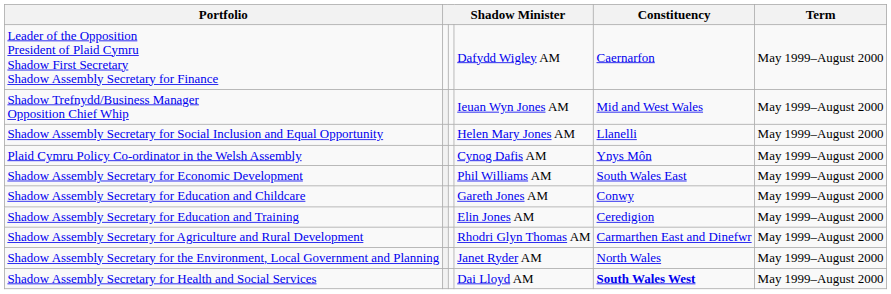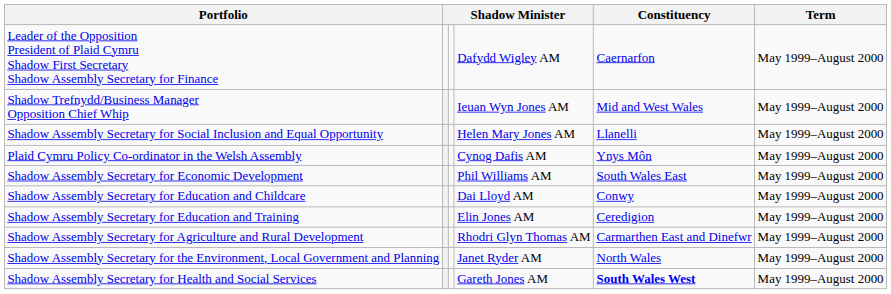 <table class="wikitable">
 <tr>
 <th colspan="1">Portfolio</th>
 <th colspan="3">Shadow Minister</th>
 <th colspan="1">Constituency</th>
 <th colspan="1">Term</th>
 </tr>
 <tr>
 <td><a href='#'>Leader of the Opposition</a><br><a href='#'>President of Plaid Cymru</a><br><a href='#'>Shadow First Secretary</a><br><a href='#'>Shadow Assembly Secretary for Finance</a></td>
 <td style="background: "></td>
 <td></td>
 <td><a href='#'>Dafydd Wigley</a> AM</td>
 <td><a href='#'>Caernarfon</a></td>
 <td>May 1999–August 2000</td>
 </tr>
 <tr>
 <td><a href='#'>Shadow Trefnydd/Business Manager</a><br><a href='#'>Opposition Chief Whip</a></td>
 <th style="background: "></th>
 <td></td>
 <td><a href='#'>Ieuan Wyn Jones</a> AM</td>
 <td><a href='#'>Mid and West Wales</a></td>
 <td>May 1999–August 2000</td>
 </tr>
 <tr>
 <td><a href='#'>Shadow Assembly Secretary for Social Inclusion and Equal Opportunity</a></td>
 <th style="background-color: "></th>
 <td></td>
 <td><a href='#'>Helen Mary Jones</a> AM</td>
 <td><a href='#'>Llanelli</a></td>
 <td>May 1999–August 2000</td>
 </tr>
 <tr>
 <td><a href='#'>Plaid Cymru Policy Co-ordinator in the Welsh Assembly</a></td>
 <th style="background-color: "></th>
 <td></td>
 <td><a href='#'>Cynog Dafis</a> AM</td>
 <td><a href='#'>Ynys Môn</a></td>
 <td>May 1999–August 2000</td>
 </tr>
 <tr>
 <td><a href='#'>Shadow Assembly Secretary for Economic Development</a></td>
 <th style="background-color: "></th>
 <td></td>
 <td><a href='#'>Phil Williams</a> AM</td>
 <td><a href='#'>South Wales East</a></td>
 <td>May 1999–August 2000</td>
 </tr>
 <tr>
 <td><a href='#'>Shadow Assembly Secretary for Education and Childcare</a></td>
 <th style="background-color: "></th>
 <td></td>
-<td><a href='#'>Gareth Jones</a> AM</td>
+<td><a href='#'>Dai Lloyd</a> AM</td>
 <td><a href='#'>Conwy</a></td>
 <td>May 1999–August 2000</td>
 </tr>
 <tr>
 <td><a href='#'>Shadow Assembly Secretary for Education and Training</a></td>
 <th style="background-color: "></th>
 <td></td>
 <td><a href='#'>Elin Jones</a> AM</td>
 <td><a href='#'>Ceredigion</a></td>
 <td>May 1999–August 2000</td>
 </tr>
 <tr>
 <td><a href='#'>Shadow Assembly Secretary for Agriculture and Rural Development</a></td>
 <th style="background-color: "></th>
 <td></td>
 <td><a href='#'>Rhodri Glyn Thomas</a> AM</td>
 <td><a href='#'>Carmarthen East and Dinefwr</a></td>
 <td>May 1999–August 2000</td>
 </tr>
 <tr>
 <td><a href='#'>Shadow Assembly Secretary for the Environment, Local Government and Planning</a></td>
 <th style="background-color: "></th>
 <td></td>
 <td><a href='#'>Janet Ryder</a> AM</td>
 <td><a href='#'>North Wales</a></td>
 <td>May 1999–August 2000</td>
 </tr>
 <tr>
 <td><a href='#'>Shadow Assembly Secretary for Health and Social Services</a></td>
 <th style="background-color: "></th>
 <td></td>
-<td><a href='#'>Dai Lloyd</a> AM</td>
+<td><a href='#'>Gareth Jones</a> AM</td>
 <td><strong><a href='#'>South Wales West</a></strong></td>
 <td>May 1999–August 2000</td>
 </tr>
 </table>
